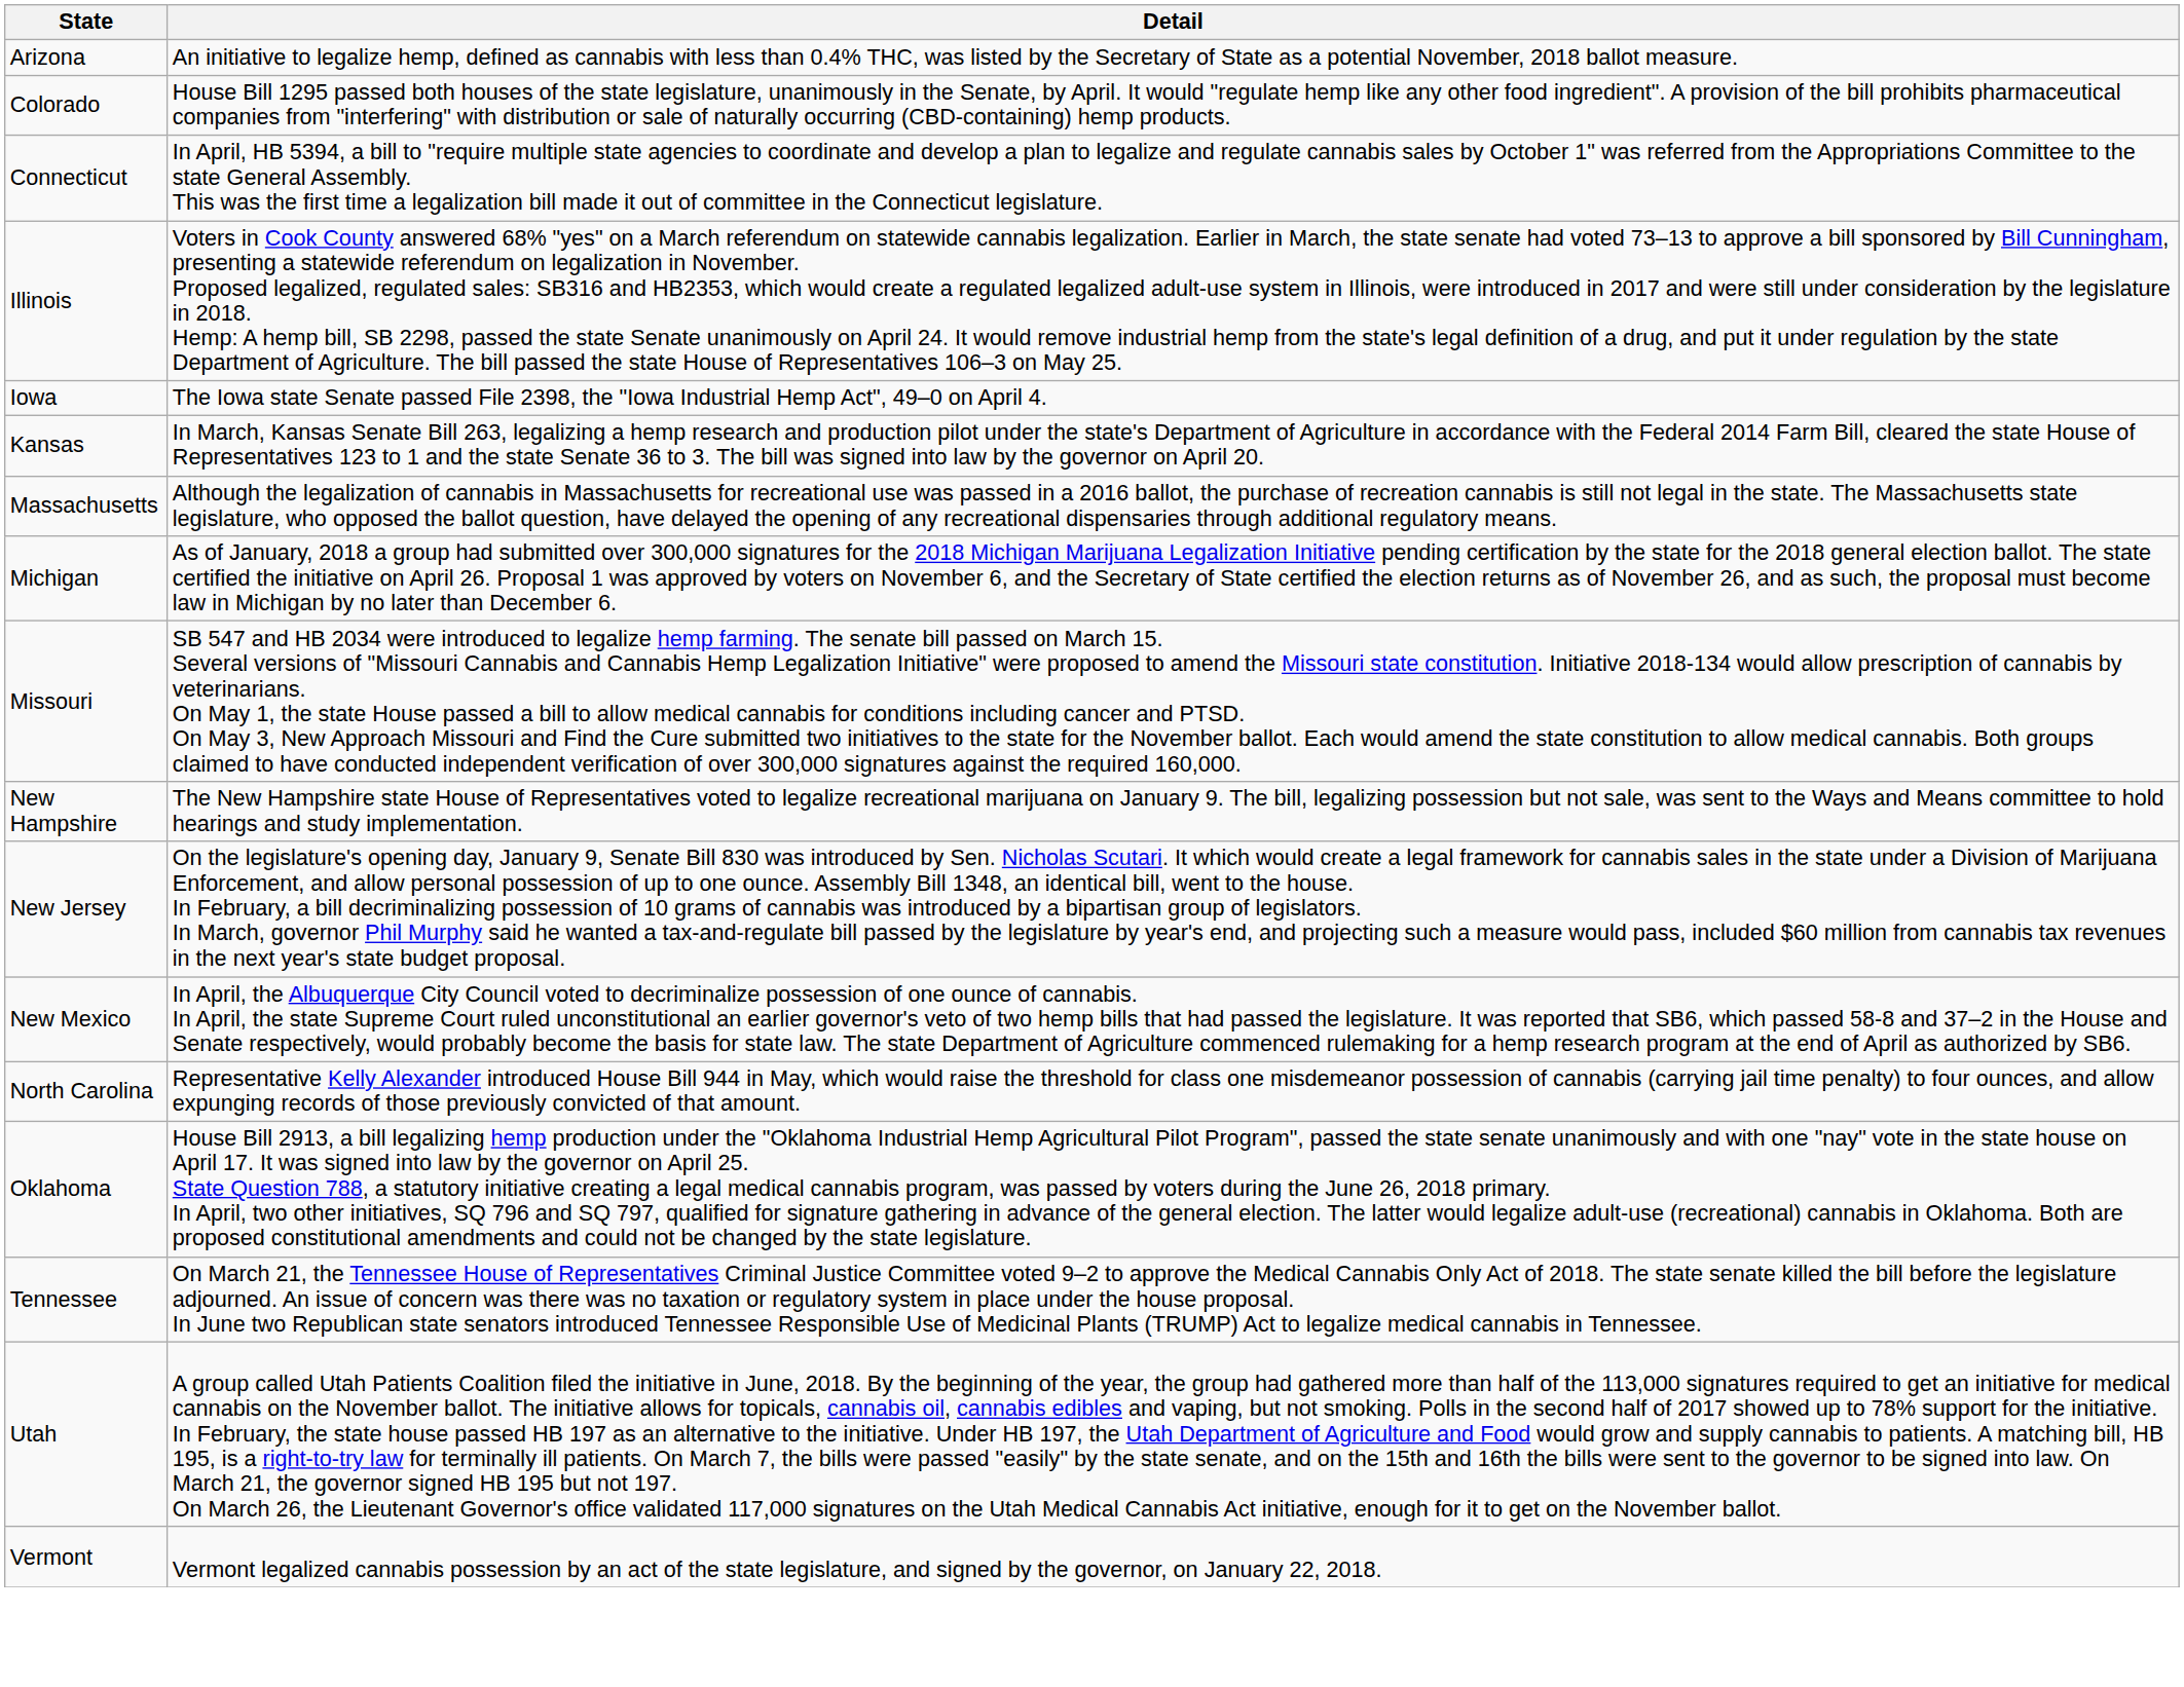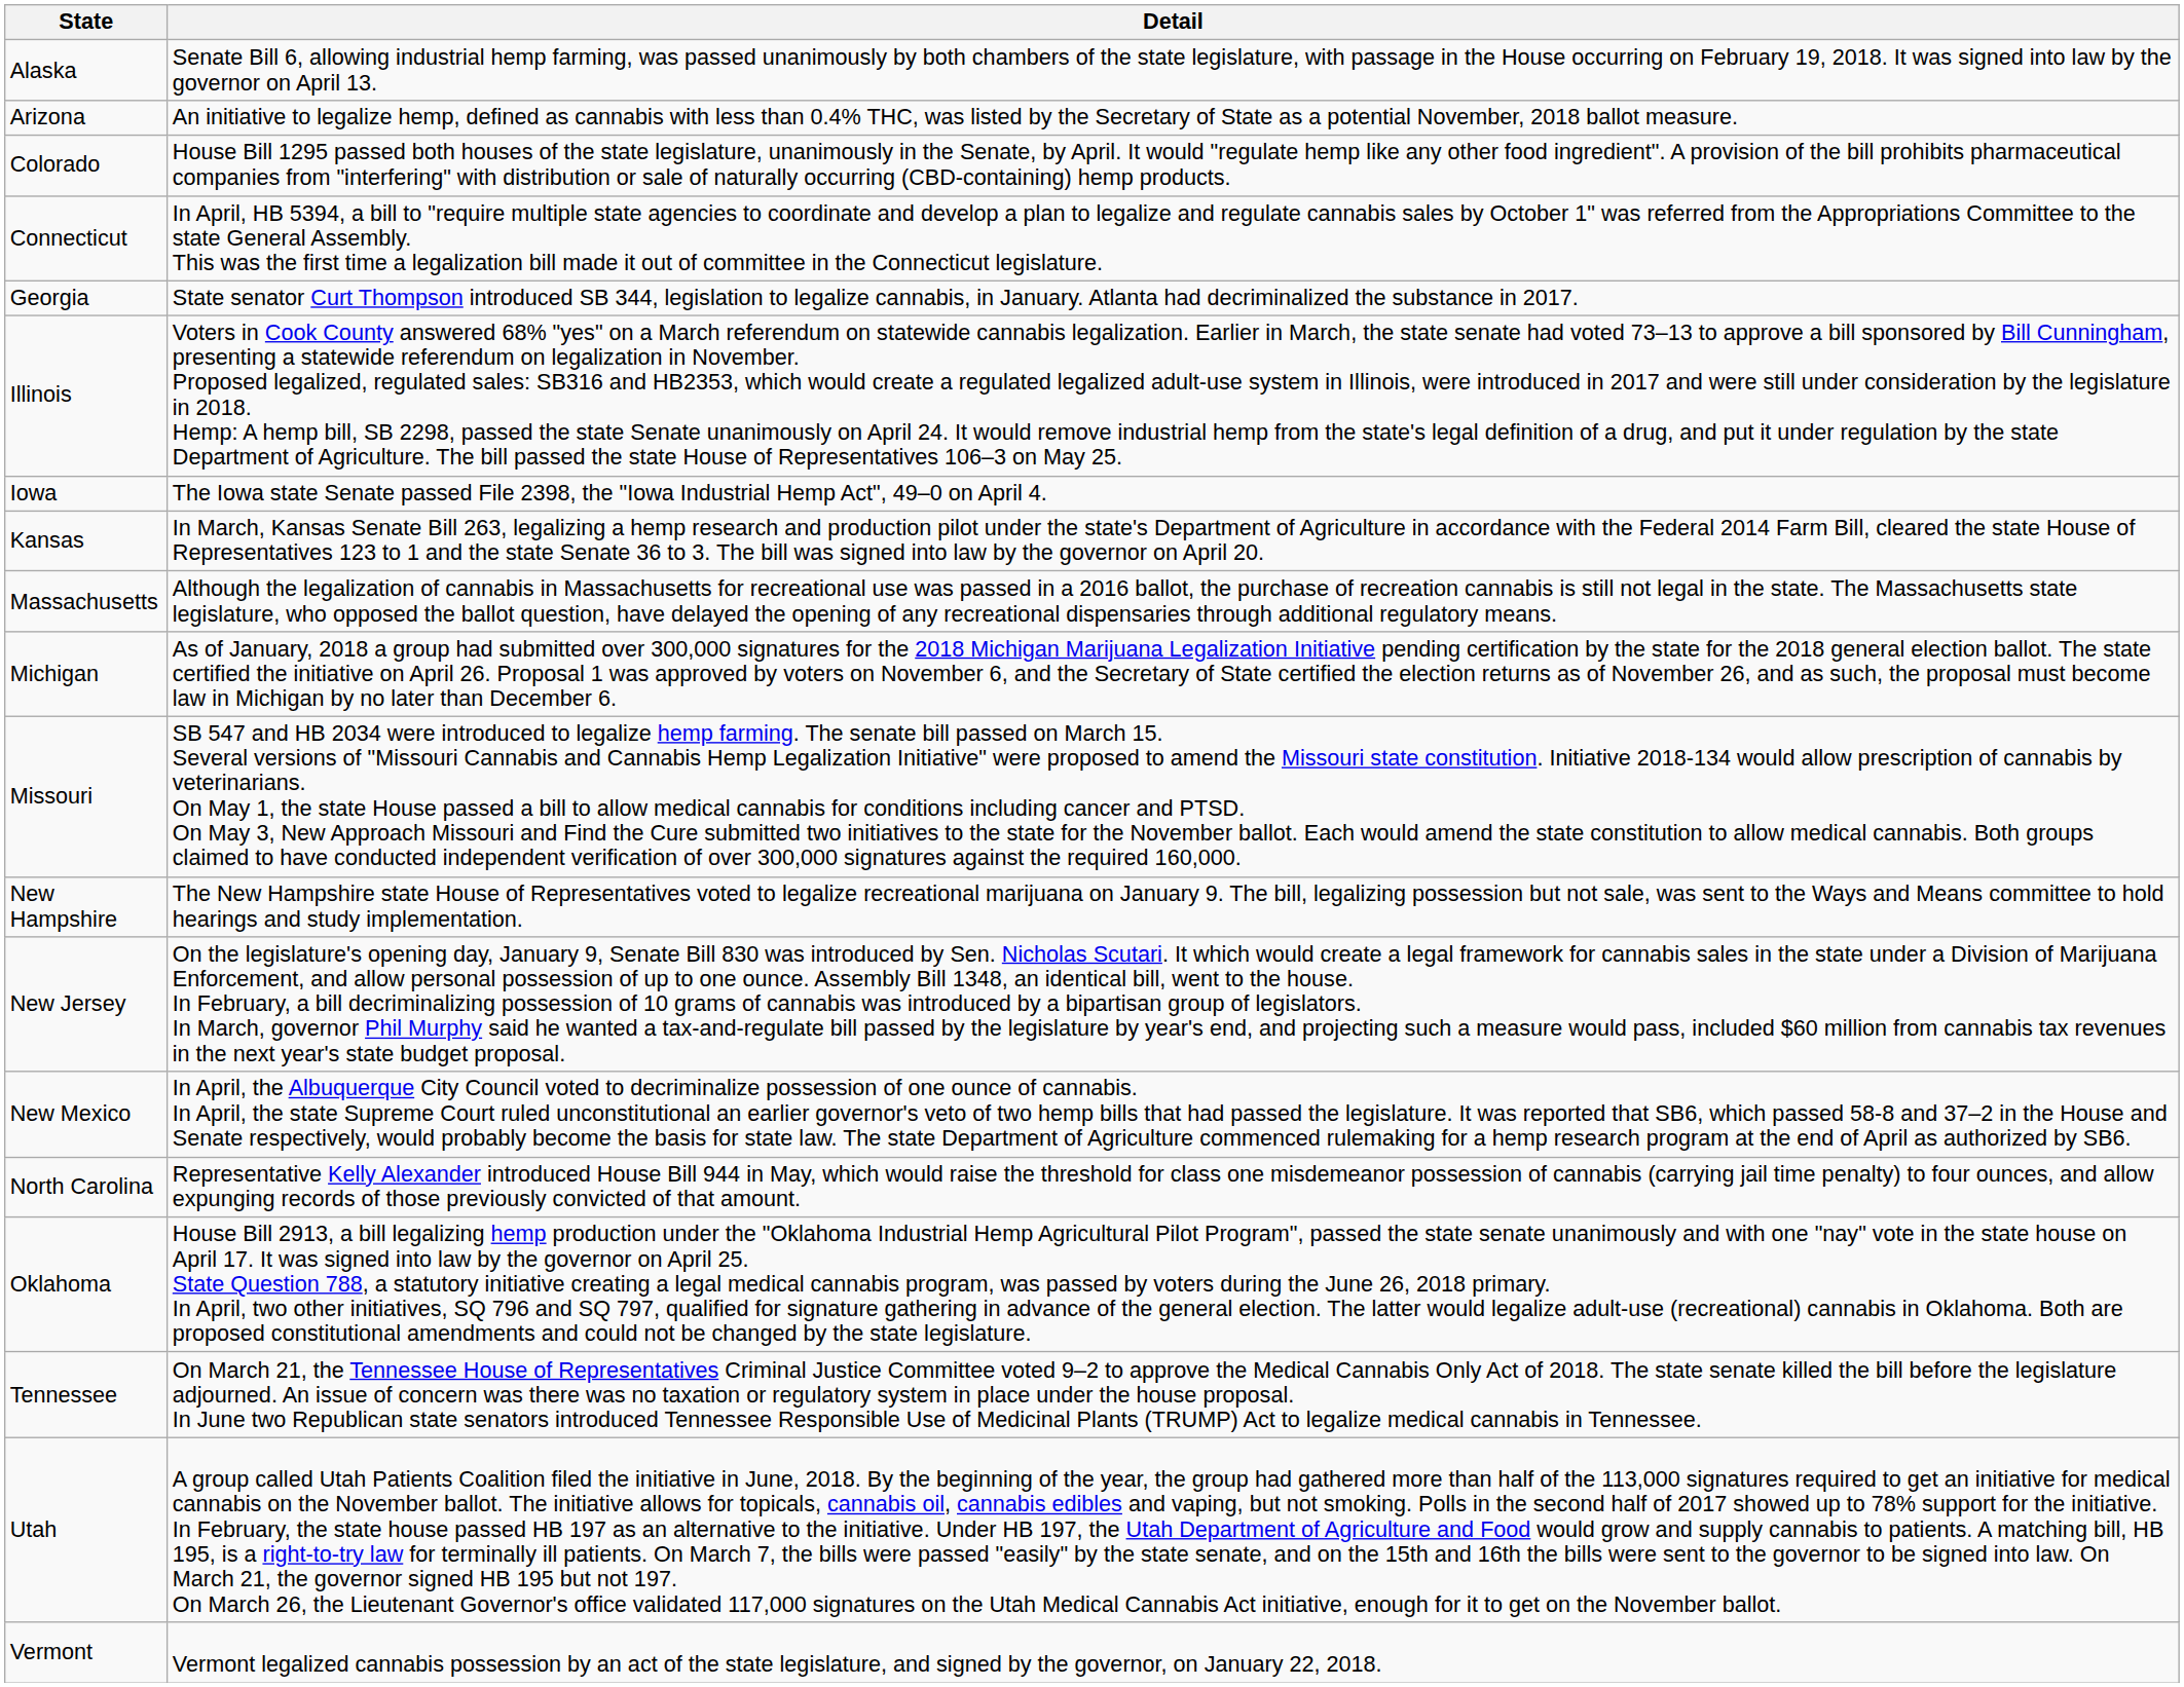 <table class="wikitable sortable">
 <tr>
 <th scope="col">State</th>
 <th scope="col" class="unsortable">Detail</th>
+</tr>
+<tr>
+<td>Alaska</td>
+<td>Senate Bill 6, allowing industrial hemp farming, was passed unanimously by both chambers of the state legislature, with passage in the House occurring on February 19, 2018. It was signed into law by the governor on April 13.</td>
 </tr>
 <tr>
 <td>Arizona</td>
 <td>An initiative to legalize hemp, defined as cannabis with less than 0.4% THC, was listed by the Secretary of State as a potential November, 2018 ballot measure.</td>
 </tr>
 <tr>
 <td>Colorado</td>
 <td>House Bill 1295 passed both houses of the state legislature, unanimously in the Senate, by April. It would "regulate hemp like any other food ingredient". A provision of the bill prohibits pharmaceutical companies from "interfering" with distribution or sale of naturally occurring (CBD-containing) hemp products.</td>
 </tr>
 <tr>
 <td>Connecticut</td>
 <td>In April, HB 5394, a bill to "require multiple state agencies to coordinate and develop a plan to legalize and regulate cannabis sales by October 1" was referred from the Appropriations Committee to the state General Assembly.<br>This was the first time a legalization bill made it out of committee in the Connecticut legislature.</td>
+</tr>
+<tr>
+<td>Georgia</td>
+<td>State senator <a href='#'>Curt Thompson</a> introduced SB 344, legislation to legalize cannabis, in January. Atlanta had decriminalized the substance in 2017.</td>
 </tr>
 <tr>
 <td>Illinois</td>
 <td>Voters in <a href='#'>Cook County</a> answered 68% "yes" on a March referendum on statewide cannabis legalization. Earlier in March, the state senate had voted 73–13 to approve a bill sponsored by <a href='#'>Bill Cunningham</a>, presenting a statewide referendum on legalization in November.<br>Proposed legalized, regulated sales:  SB316 and HB2353, which would create a regulated legalized adult-use system in Illinois, were introduced in 2017 and were still under consideration by the legislature in 2018.<br>Hemp: A hemp bill, SB 2298, passed the state Senate unanimously on April 24. It would remove industrial hemp from the state's legal definition of a drug, and put it under regulation by the state Department of Agriculture. The bill passed the state House of Representatives 106–3 on May 25.</td>
 </tr>
 <tr>
 <td>Iowa</td>
 <td>The Iowa state Senate passed File 2398, the "Iowa Industrial Hemp Act", 49–0 on April 4.</td>
 </tr>
 <tr>
 <td>Kansas</td>
 <td>In March, Kansas Senate Bill 263, legalizing a hemp research and production pilot under the state's Department of Agriculture in accordance with the Federal 2014 Farm Bill, cleared the state House of Representatives 123 to 1 and the state Senate 36 to 3. The bill was signed into law by the governor on April 20.</td>
 </tr>
 <tr>
 <td>Massachusetts</td>
 <td>Although the legalization of cannabis in Massachusetts for recreational use was passed in a 2016 ballot, the purchase of recreation cannabis is still not legal in the state. The Massachusetts state legislature, who opposed the ballot question, have delayed the opening of any recreational dispensaries through additional regulatory means.</td>
 </tr>
 <tr>
 <td>Michigan</td>
 <td>As of January, 2018 a group had submitted over 300,000 signatures for the <a href='#'>2018 Michigan Marijuana Legalization Initiative</a> pending certification by the state for the 2018 general election ballot. The state certified the initiative on April 26. Proposal 1 was approved by voters on November 6, and the Secretary of State certified the election returns as of November 26, and as such, the proposal must become law in Michigan by no later than December 6.</td>
 </tr>
 <tr>
 <td>Missouri</td>
 <td>SB 547 and HB 2034 were introduced to legalize <a href='#'>hemp farming</a>. The senate bill passed on March 15.<br>Several versions of "Missouri Cannabis and Cannabis Hemp Legalization Initiative" were proposed to amend the <a href='#'>Missouri state constitution</a>. Initiative 2018-134 would allow prescription of cannabis by veterinarians.<br>On May 1, the state House passed a bill to allow medical cannabis for conditions including cancer and PTSD.<br>On May 3, New Approach Missouri and Find the Cure submitted two initiatives to the state for the November ballot. Each would amend the state constitution to allow medical cannabis. Both groups claimed to have conducted independent verification of over 300,000 signatures against the required 160,000.</td>
 </tr>
 <tr>
 <td>New Hampshire</td>
 <td>The New Hampshire state House of Representatives voted to legalize recreational marijuana on January 9. The bill, legalizing possession but not sale, was sent to the Ways and Means committee to hold hearings and study implementation.</td>
 </tr>
 <tr>
 <td>New Jersey</td>
 <td>On the legislature's opening day, January 9, Senate Bill 830 was introduced by Sen. <a href='#'>Nicholas Scutari</a>. It which would create a legal framework for cannabis sales in the state under a Division of Marijuana Enforcement, and allow personal possession of up to one ounce. Assembly Bill 1348, an identical bill, went to the house.<br>In February, a bill decriminalizing possession of 10 grams of cannabis was introduced by a bipartisan group of legislators.<br>In March, governor <a href='#'>Phil Murphy</a> said he wanted a tax-and-regulate bill passed by the legislature by year's end, and projecting such a measure would pass, included $60 million from cannabis tax revenues in the next year's state budget proposal.</td>
 </tr>
 <tr>
 <td>New Mexico</td>
 <td>In April, the <a href='#'>Albuquerque</a> City Council voted to decriminalize possession of one ounce of cannabis.<br>In April, the state Supreme Court ruled unconstitutional an earlier governor's veto of two hemp bills that had passed the legislature. It was reported that SB6, which passed 58-8 and 37–2 in the House and Senate respectively, would probably become the basis for state law. The state Department of Agriculture commenced rulemaking for a hemp research program at the end of April as authorized by SB6.</td>
 </tr>
 <tr>
 <td>North Carolina</td>
 <td>Representative <a href='#'>Kelly Alexander</a> introduced House Bill 944 in May, which would raise the threshold for class one misdemeanor possession of cannabis (carrying jail time penalty) to four ounces, and allow expunging records of those previously convicted of that amount.</td>
 </tr>
 <tr>
 <td>Oklahoma</td>
 <td>House Bill 2913, a bill legalizing <a href='#'>hemp</a> production under the "Oklahoma Industrial Hemp Agricultural Pilot Program", passed the state senate unanimously and with one "nay" vote in the state house on April 17. It was signed into law by the governor on April 25.<br><a href='#'>State Question 788</a>, a statutory initiative creating a legal medical cannabis program, was passed by voters during the June 26, 2018 primary.<br>In April, two other initiatives, SQ 796 and SQ 797, qualified for signature gathering in advance of the general election. The latter would legalize adult-use (recreational) cannabis in Oklahoma. Both are proposed constitutional amendments and could not be changed by the state legislature.</td>
 </tr>
 <tr>
 <td>Tennessee</td>
 <td>On March 21, the <a href='#'>Tennessee House of Representatives</a> Criminal Justice Committee voted 9–2 to approve the Medical Cannabis Only Act of 2018. The state senate killed the bill before the legislature adjourned. An issue of concern was there was no taxation or regulatory system in place under the house proposal.<br>In June two Republican state senators introduced Tennessee Responsible Use of Medicinal Plants (TRUMP) Act to legalize medical cannabis in Tennessee.</td>
 </tr>
 <tr>
 <td>Utah</td>
 <td><br>A group called Utah Patients Coalition filed the  initiative  in June, 2018. By the beginning of the year, the group had gathered more than half of the 113,000 signatures required to get an initiative for medical cannabis on the November ballot. The initiative allows for topicals, <a href='#'>cannabis oil</a>, <a href='#'>cannabis edibles</a> and vaping, but not smoking. Polls in the second half of 2017 showed up to 78% support for the initiative.<br>In February, the state house passed HB 197 as an alternative to the initiative. Under HB 197, the <a href='#'>Utah Department of Agriculture and Food</a> would grow and supply cannabis to patients. A matching bill, HB 195, is a <a href='#'>right-to-try law</a> for terminally ill patients. On March 7, the bills were passed "easily" by the state senate, and on the 15th and 16th the bills were sent to the governor to be signed into law. On March 21, the governor signed HB 195 but not 197.<br>On March 26, the Lieutenant Governor's office validated 117,000 signatures on the Utah Medical Cannabis Act initiative, enough for it to get on the November ballot.</td>
 </tr>
 <tr>
 <td>Vermont</td>
 <td><br>Vermont legalized cannabis possession by an act of the state legislature, and signed by the governor, on January 22, 2018.</td>
 </tr>
 </table>
